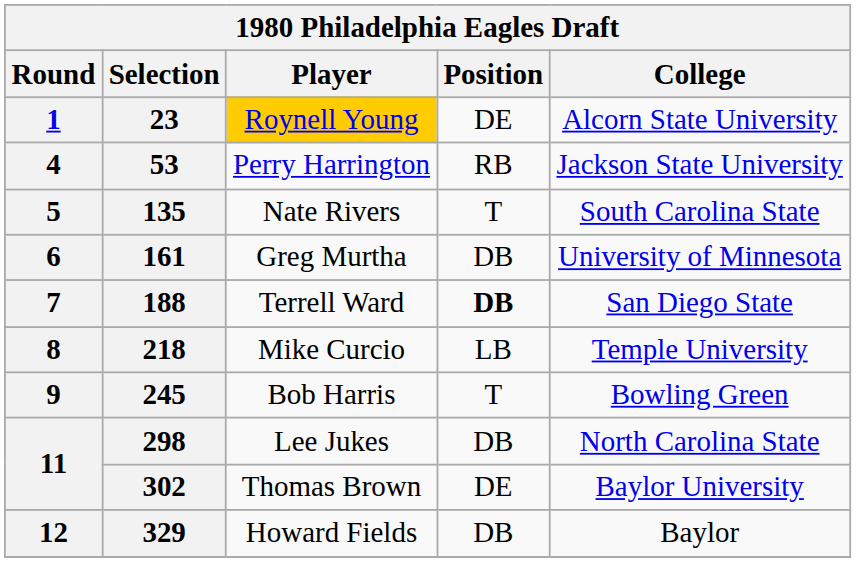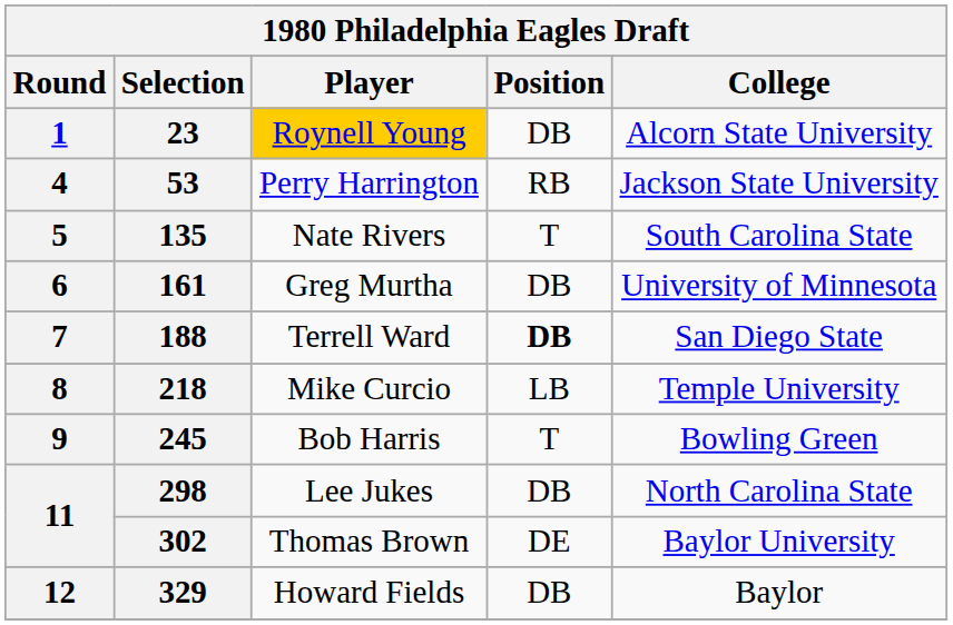 <table class="wikitable" style="text-align:center">
 <tr>
 <th colspan=6>1980 Philadelphia Eagles Draft</th>
 </tr>
 <tr>
 <th>Round</th>
 <th>Selection</th>
 <th>Player</th>
 <th>Position</th>
 <th>College</th>
 </tr>
 <tr>
 <th><a href='#'>1</a></th>
 <th>23</th>
 <td bgcolor="#FFCC00"><a href='#'>Roynell Young</a></td>
-<td>DE</td>
+<td>DB</td>
 <td><a href='#'>Alcorn State University</a></td>
 </tr>
 <tr align="center" bgcolor="">
 <th>4</th>
 <th>53</th>
 <td><a href='#'>Perry Harrington</a></td>
 <td>RB</td>
 <td><a href='#'>Jackson State University</a></td>
 </tr>
 <tr align="center" bgcolor="">
 <th>5</th>
 <th>135</th>
 <td>Nate Rivers</td>
 <td>T</td>
 <td><a href='#'>South Carolina State</a></td>
 </tr>
 <tr align="center" bgcolor="">
 <th>6</th>
 <th>161</th>
 <td>Greg Murtha</td>
 <td>DB</td>
 <td><a href='#'>University of Minnesota</a></td>
 </tr>
 <tr align="center" bgcolor="">
 <th>7</th>
 <th>188</th>
 <td>Terrell Ward</td>
 <td><strong>DB</strong></td>
 <td><a href='#'>San Diego State</a></td>
 </tr>
 <tr align="center" bgcolor="">
 <th>8</th>
 <th>218</th>
 <td>Mike Curcio</td>
 <td>LB</td>
 <td><a href='#'>Temple University</a></td>
 </tr>
 <tr align="center" bgcolor="">
 <th>9</th>
 <th>245</th>
 <td>Bob Harris</td>
 <td>T</td>
 <td><a href='#'>Bowling Green</a></td>
 </tr>
 <tr align="center" bgcolor="">
 <th rowspan="2">11</th>
 <th>298</th>
 <td>Lee Jukes</td>
 <td>DB</td>
 <td><a href='#'>North Carolina State</a></td>
 </tr>
 <tr align="center" bgcolor="">
 <th>302</th>
 <td>Thomas Brown</td>
 <td>DE</td>
 <td><a href='#'>Baylor University</a></td>
 </tr>
 <tr align="center" bgcolor="">
 <th>12</th>
 <th>329</th>
 <td>Howard Fields</td>
 <td>DB</td>
 <td>Baylor</td>
 </tr>
 <tr align="center" bgcolor="">
 </tr>
 </table>
